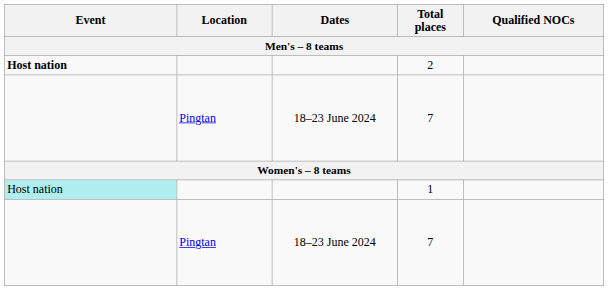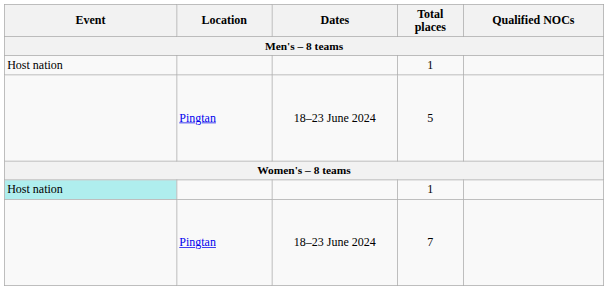 <table class="wikitable" width=800>
 <tr>
 <th>Event</th>
 <th width=120>Location</th>
 <th width=160>Dates</th>
 <th width=80>Total places</th>
 <th width=180>Qualified NOCs</th>
 </tr>
 <tr style="font-size:95%;">
 <th colspan=5>Men's – 8 teams</th>
 </tr>
 <tr>
-<td><strong>Host nation</strong></td>
+<td>Host nation</td>
 <td></td>
 <td></td>
-<td align="center">2</td>
+<td align="center">1</td>
 <td></td>
 </tr>
 <tr>
 <td></td>
 <td> <a href='#'>Pingtan</a></td>
 <td align="center">18–23 June 2024</td>
-<td align="center">7</td>
+<td align="center">5</td>
 <td><br><br><br><br><br><br></td>
 </tr>
 <tr style="font-size:95%;">
 <th colspan=5>Women's – 8 teams</th>
 </tr>
 <tr>
 <td style="background: paleturquoise;">Host nation</td>
 <td></td>
 <td></td>
 <td align="center">1</td>
 <td></td>
 </tr>
 <tr>
 <td></td>
 <td> <a href='#'>Pingtan</a></td>
 <td align="center">18–23 June 2024</td>
 <td align="center">7</td>
 <td><br><br><br><br><br><br></td>
 </tr>
 </table>
